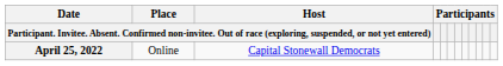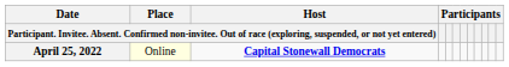 <table class="wikitable" style="font-size:95%">
 <tr>
 <th style="white-space:nowrap;">Date</th>
 <th>Place</th>
 <th>Host</th>
 <th scope="col" colspan="9">Participants</th>
 </tr>
 <tr>
 <th colspan="3"><small> Participant.  Invitee.  Absent.  Confirmed non-invitee.  Out of race (exploring, suspended, or not yet entered)</small></th>
 <th></th>
 <th></th>
 <th></th>
 <th></th>
 <th></th>
 <th></th>
 <th></th>
 <th></th>
 <th></th>
 </tr>
 <tr>
 <th style="white-space:nowrap; text-align:center;">April 25, 2022</th>
-<td style="white-space:nowrap; text-align:center;">Online</td>
-<td style="white-space:nowrap; text-align:center;"><a href='#'>Capital Stonewall Democrats</a></td>
+<td style="background: lightyellow; white-space:nowrap; text-align:center;">Online</td>
+<td style="white-space:nowrap; text-align:center;"><strong><a href='#'>Capital Stonewall Democrats</a></strong></td>
 <td></td>
 <td></td>
 <td></td>
 <td></td>
 <td></td>
 <td></td>
 <td></td>
 <td></td>
 <td></td>
 </tr>
 </table>
